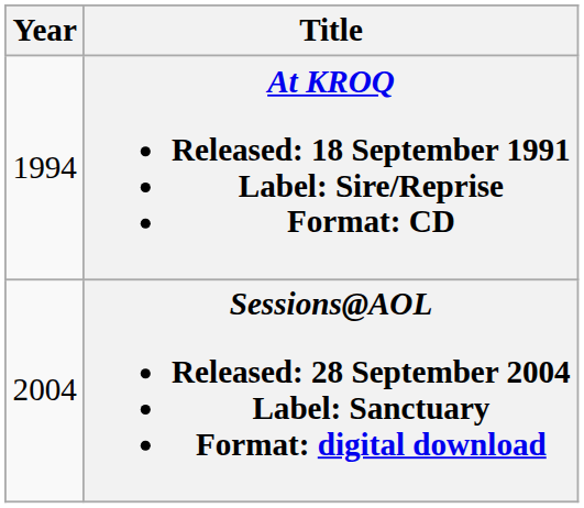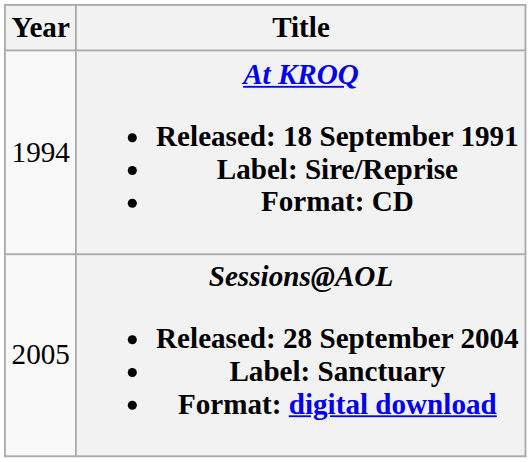 <table class="wikitable plainrowheaders">
 <tr>
 <th scope="col">Year</th>
 <th scope="col">Title</th>
 </tr>
 <tr align="center">
 <td>1994</td>
 <th scope="row"><em><a href='#'>At KROQ</a></em><br><ul><li>Released: 18 September 1991</li><li>Label: Sire/Reprise</li><li>Format: CD</li></ul></th>
 </tr>
 <tr align="center">
-<td>2004</td>
+<td>2005</td>
 <th scope="row"><em>Sessions@AOL</em><br><ul><li>Released: 28 September 2004</li><li>Label: Sanctuary</li><li>Format: <a href='#'>digital download</a></li></ul></th>
 </tr>
 </table>
